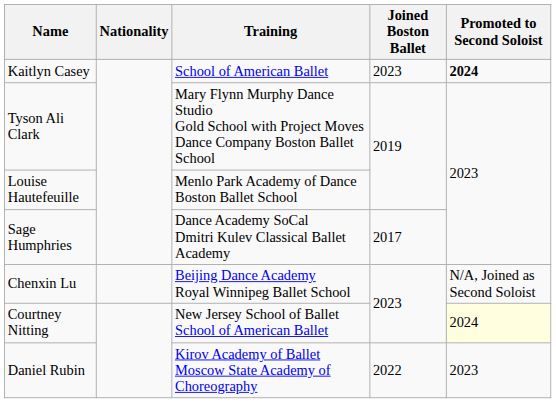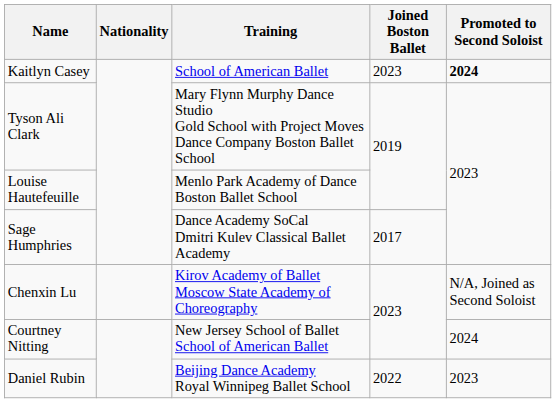 <table class="wikitable sortable mw-collapsible">
 <tr>
 <th>Name</th>
 <th>Nationality</th>
 <th>Training</th>
 <th>Joined Boston Ballet</th>
 <th>Promoted to Second Soloist</th>
 </tr>
 <tr>
 <td>Kaitlyn Casey</td>
 <td rowspan="4"></td>
 <td><a href='#'>School of American Ballet</a></td>
 <td>2023</td>
 <td><strong>2024</strong></td>
 </tr>
 <tr>
 <td>Tyson Ali Clark</td>
 <td>Mary Flynn Murphy Dance Studio<br>Gold School with Project Moves Dance Company Boston Ballet School</td>
 <td rowspan="2">2019</td>
 <td rowspan="3">2023</td>
 </tr>
 <tr>
 <td>Louise Hautefeuille</td>
 <td>Menlo Park Academy of Dance<br>Boston Ballet School</td>
 </tr>
 <tr>
 <td>Sage Humphries</td>
 <td>Dance Academy SoCal<br>Dmitri Kulev Classical Ballet Academy</td>
 <td>2017</td>
 </tr>
 <tr>
 <td>Chenxin Lu</td>
 <td></td>
-<td><a href='#'>Beijing Dance Academy</a><br>Royal Winnipeg Ballet School</td>
+<td><a href='#'>Kirov Academy of Ballet</a><br><a href='#'>Moscow State Academy of Choreography</a></td>
 <td rowspan="2">2023</td>
 <td>N/A, Joined as Second Soloist</td>
 </tr>
 <tr>
 <td>Courtney Nitting</td>
 <td rowspan="2"></td>
 <td>New Jersey School of Ballet<br><a href='#'>School of American Ballet</a></td>
-<td style="background: lightyellow;">2024</td>
+<td>2024</td>
 </tr>
 <tr>
 <td>Daniel Rubin</td>
-<td><a href='#'>Kirov Academy of Ballet</a><br><a href='#'>Moscow State Academy of Choreography</a></td>
+<td><a href='#'>Beijing Dance Academy</a><br>Royal Winnipeg Ballet School</td>
 <td>2022</td>
 <td>2023</td>
 </tr>
 </table>
